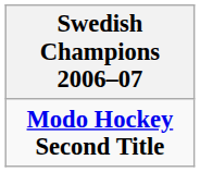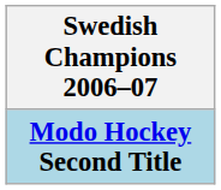 <table class="wikitable" style="text-align: center; margin: 0 auto; width: 20%">
 <tr>
 <th>Swedish Champions<br>2006–07</th>
 </tr>
 <tr>
-<td><strong><a href='#'>Modo Hockey</a></strong><br><strong>Second Title</strong></td>
+<td style="background: lightblue;"><strong><a href='#'>Modo Hockey</a></strong><br><strong>Second Title</strong></td>
 </tr>
 </table>
